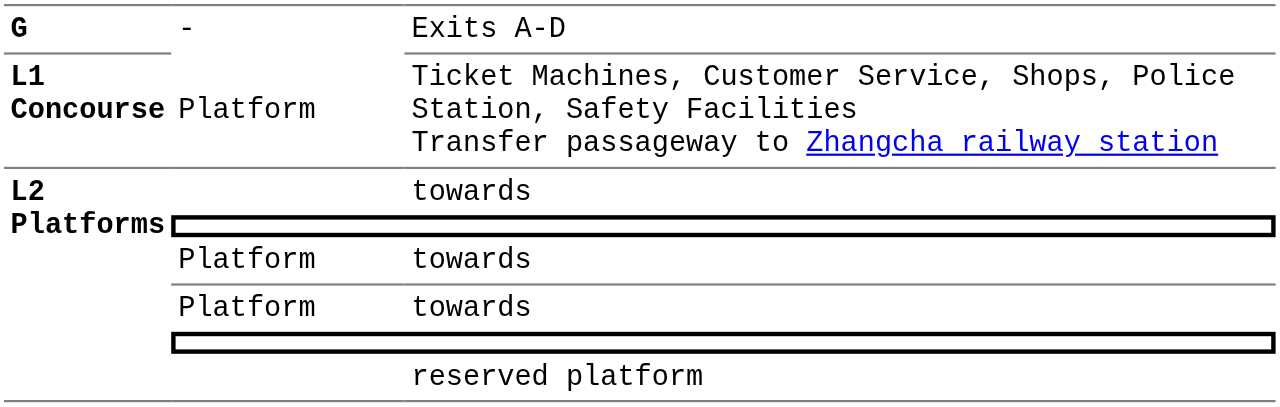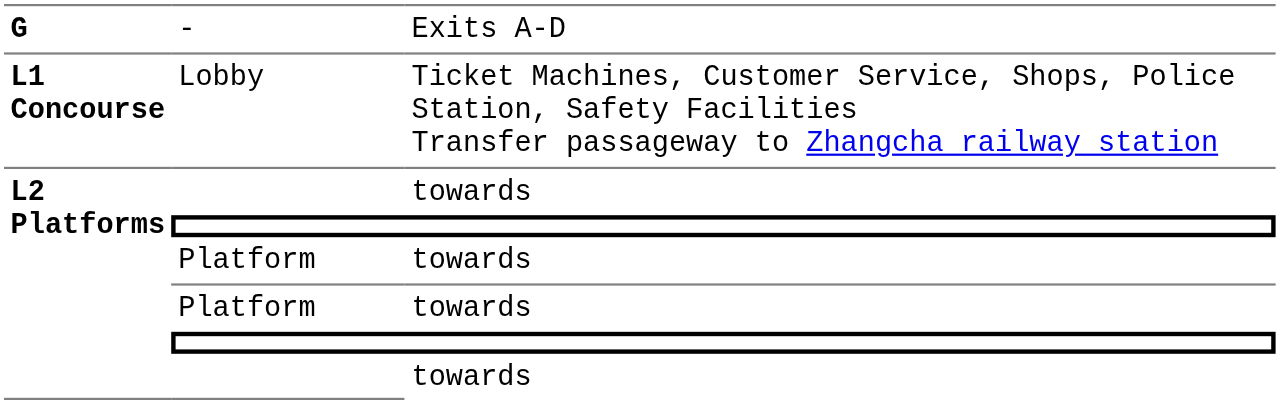 <table border=0 cellspacing=0 cellpadding=3>
 <tr>
 <td style="border-top:solid 1px gray;" width=50 valign=top><strong>G</strong></td>
 <td style="border-top:solid 1px gray;" width=100 valign=top>-</td>
 <td style="border-top:solid 1px gray;" width=390 valign=top>Exits A-D</td>
 </tr>
 <tr>
 <td style="border-bottom:solid 1px gray; border-top:solid 1px gray;" valign=top><strong>L1<br>Concourse</strong></td>
-<td style="border-bottom:solid 1px gray;">Platform </td>
+<td style="border-bottom:solid 1px gray; border-top:solid 1px gray;" valign=top>Lobby</td>
 <td style="border-bottom:solid 1px gray; border-top:solid 1px gray;" valign=top>Ticket Machines, Customer Service, Shops, Police Station, Safety Facilities<br>Transfer passageway to <a href='#'>Zhangcha railway station</a></td>
 </tr>
 <tr>
 <td style="border-bottom:solid 1px gray;" rowspan=6 valign=top><strong>L2<br>Platforms</strong></td>
 <td></td>
 <td> towards   </td>
 </tr>
 <tr>
 <td style="border-right:solid 2px black;border-left:solid 2px black;border-top:solid 2px black;border-bottom:solid 2px black;text-align:center;" colspan=2></td>
 </tr>
 <tr>
 <td style="border-bottom:solid 1px gray;">Platform </td>
 <td style="border-bottom:solid 1px gray;">  towards  </td>
 </tr>
 <tr>
 <td>Platform </td>
 <td> towards   </td>
 </tr>
 <tr>
 <td style="border-right:solid 2px black;border-left:solid 2px black;border-top:solid 2px black;border-bottom:solid 2px black;text-align:center;" colspan=2></td>
 </tr>
 <tr>
 <td style="border-bottom:solid 1px gray;"></td>
-<td style="border-bottom:solid 1px gray;"> reserved platform</td>
+<td> towards   </td>
 </tr>
 </table>
